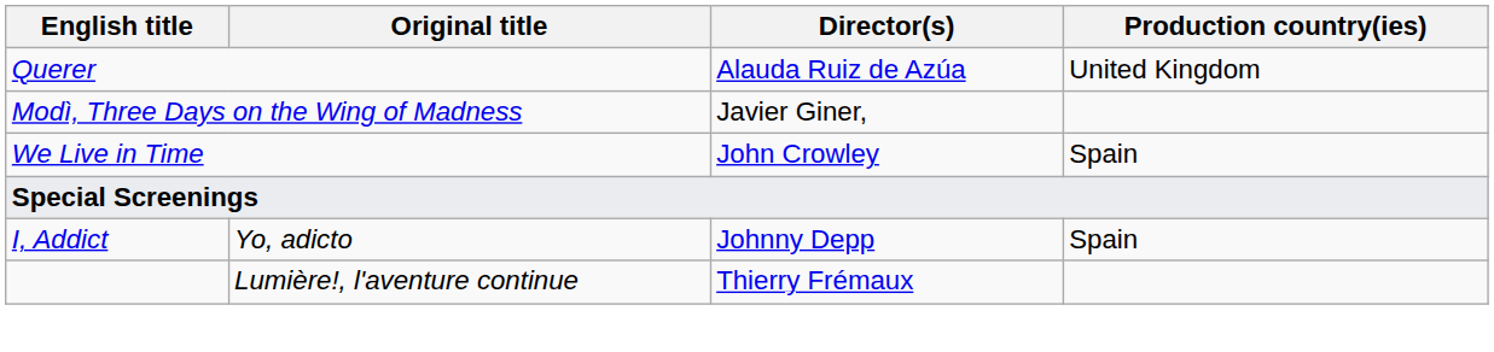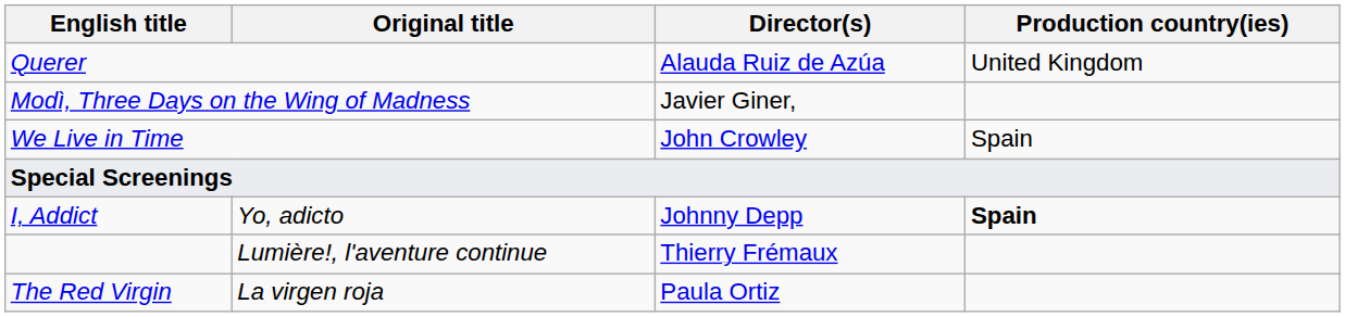 <table class="sortable wikitable" style="width:100%; margin-bottom:4px" cellpadding="5">
 <tr>
 <th scope="col">English title</th>
 <th scope="col">Original title</th>
 <th scope="col">Director(s)</th>
 <th scope="col">Production country(ies)</th>
 </tr>
 <tr>
 <td colspan = "2"><em><a href='#'>Querer</a></em> </td>
 <td><a href='#'>Alauda Ruiz de Azúa</a></td>
 <td>United Kingdom</td>
 </tr>
 <tr>
 <td colspan = "2"><em><a href='#'>Modì, Three Days on the Wing of Madness</a></em></td>
 <td>Javier Giner, </td>
 <td></td>
 </tr>
 <tr>
 <td colspan = "2"><em><a href='#'>We Live in Time</a></em></td>
 <td><a href='#'>John Crowley</a></td>
 <td>Spain</td>
 </tr>
 <tr>
 <td colspan=4 class="center" style="padding-center:120px; background-color:#EAECF0"><strong>Special Screenings</strong></td>
 </tr>
 <tr>
 <td><em><a href='#'>I, Addict</a></em> </td>
 <td><em>Yo, adicto</em></td>
 <td><a href='#'>Johnny Depp</a></td>
-<td>Spain</td>
+<td><strong>Spain</strong></td>
 </tr>
 <tr>
 <td><em></em></td>
 <td><em>Lumière!, l'aventure continue</em></td>
 <td><a href='#'>Thierry Frémaux</a></td>
 <td></td>
 </tr>
+<tr>
+<td><em><a href='#'>The Red Virgin</a></em></td>
+<td><em>La virgen roja</em></td>
+<td><a href='#'>Paula Ortiz</a></td>
+<td></td>
+</tr>
 </table>
